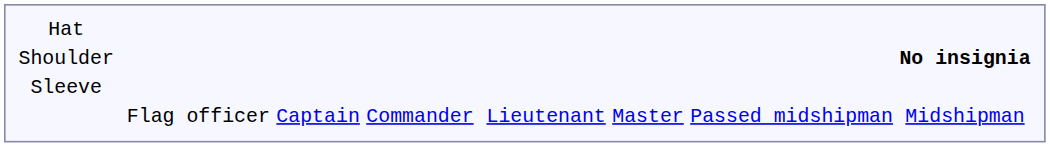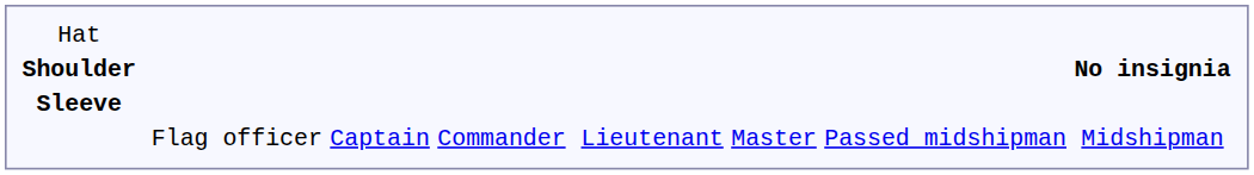 <table style="border:1px solid #8888aa; background-color:#f7f8ff; padding:5px; font-size:95%; margin: 0px 12px 12px 0px;">
 <tr style="text-align:center;">
 <td>Hat</td>
 <td colspan=4></td>
 <td colspan=6></td>
 <td colspan=2></td>
 <td colspan=2></td>
 <td colspan=2></td>
 <td colspan=2></td>
 <td colspan=2></td>
 <td colspan=2></td>
 <td colspan=2></td>
 </tr>
 <tr style="text-align:center;">
-<td>Shoulder</td>
+<td><strong>Shoulder</strong></td>
 <td colspan=4 rowspan=3></td>
 <td colspan=6></td>
 <td colspan=2></td>
 <td colspan=2></td>
 <td colspan=2 rowspan=3></td>
 <td colspan=2></td>
 <td colspan=2></td>
 <td colspan=2></td>
 <td colspan=2><strong>No insignia</strong></td>
 </tr>
 <tr style="text-align:center;">
-<td>Sleeve</td>
+<td><strong>Sleeve</strong></td>
 <td colspan=6></td>
 <td colspan=2></td>
 <td colspan=2></td>
 <td colspan=2></td>
 <td colspan=2></td>
 <td colspan=2></td>
 <td colspan=2></td>
 </tr>
 <tr style="text-align:center;">
 <td></td>
 <td colspan=6>Flag officer</td>
 <td colspan=2><a href='#'>Captain</a></td>
 <td colspan=2><a href='#'>Commander</a></td>
 <td colspan=2><a href='#'>Lieutenant</a></td>
 <td colspan=2><a href='#'>Master</a></td>
 <td colspan=2><a href='#'>Passed midshipman</a></td>
 <td colspan=2><a href='#'>Midshipman</a></td>
 </tr>
 </table>
